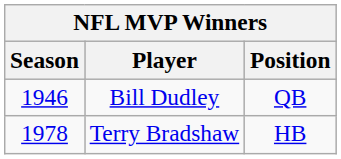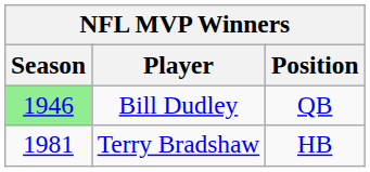 <table class="wikitable sortable" style="text-align:center">
 <tr>
 <th colspan="4">NFL MVP Winners</th>
 </tr>
 <tr>
 <th>Season</th>
 <th>Player</th>
 <th>Position</th>
 </tr>
 <tr>
-<td><a href='#'>1946</a></td>
+<td style="background: lightgreen;"><a href='#'>1946</a></td>
 <td><a href='#'>Bill Dudley</a></td>
 <td><a href='#'>QB</a></td>
 </tr>
 <tr>
-<td><a href='#'>1978</a></td>
+<td><a href='#'>1981</a></td>
 <td><a href='#'>Terry Bradshaw</a></td>
 <td><a href='#'>HB</a></td>
 </tr>
 </table>
